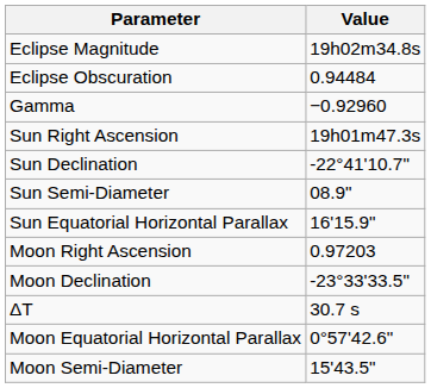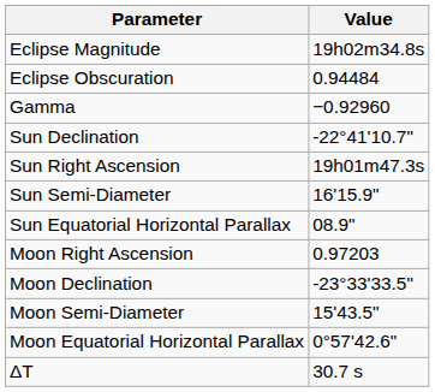 <table class="wikitable">
 <tr>
 <th>Parameter</th>
 <th>Value</th>
 </tr>
 <tr>
 <td>Eclipse Magnitude</td>
 <td>19h02m34.8s</td>
 </tr>
 <tr>
 <td>Eclipse Obscuration</td>
 <td>0.94484</td>
 </tr>
 <tr>
 <td>Gamma</td>
 <td>−0.92960</td>
 </tr>
 <tr>
+<td>Sun Declination</td>
+<td>-22°41'10.7"</td>
+</tr>
+<tr>
 <td>Sun Right Ascension</td>
 <td>19h01m47.3s</td>
 </tr>
 <tr>
-<td>Sun Declination</td>
-<td>-22°41'10.7"</td>
-</tr>
-<tr>
 <td>Sun Semi-Diameter</td>
-<td>08.9"</td>
+<td>16'15.9"</td>
 </tr>
 <tr>
 <td>Sun Equatorial Horizontal Parallax</td>
-<td>16'15.9"</td>
+<td>08.9"</td>
 </tr>
 <tr>
 <td>Moon Right Ascension</td>
 <td>0.97203</td>
 </tr>
 <tr>
 <td>Moon Declination</td>
 <td>-23°33'33.5"</td>
 </tr>
 <tr>
-<td>ΔT</td>
-<td>30.7 s</td>
+<td>Moon Semi-Diameter</td>
+<td>15'43.5"</td>
 </tr>
 <tr>
 <td>Moon Equatorial Horizontal Parallax</td>
 <td>0°57'42.6"</td>
 </tr>
 <tr>
-<td>Moon Semi-Diameter</td>
-<td>15'43.5"</td>
+<td>ΔT</td>
+<td>30.7 s</td>
 </tr>
 </table>
